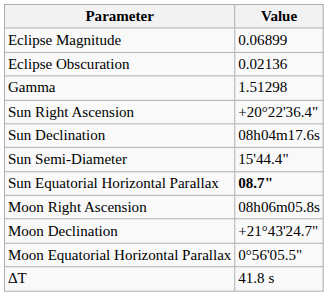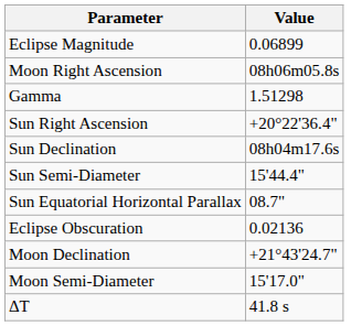 <table class="wikitable">
 <tr>
 <th>Parameter</th>
 <th>Value</th>
 </tr>
 <tr>
 <td>Eclipse Magnitude</td>
 <td>0.06899</td>
 </tr>
 <tr>
-<td>Eclipse Obscuration</td>
-<td>0.02136</td>
+<td>Moon Right Ascension</td>
+<td>08h06m05.8s</td>
 </tr>
 <tr>
 <td>Gamma</td>
 <td>1.51298</td>
 </tr>
 <tr>
 <td>Sun Right Ascension</td>
 <td>+20°22'36.4"</td>
 </tr>
 <tr>
 <td>Sun Declination</td>
 <td>08h04m17.6s</td>
 </tr>
 <tr>
 <td>Sun Semi-Diameter</td>
 <td>15'44.4"</td>
 </tr>
 <tr>
 <td>Sun Equatorial Horizontal Parallax</td>
-<td><strong>08.7"</strong></td>
+<td>08.7"</td>
 </tr>
 <tr>
-<td>Moon Right Ascension</td>
-<td>08h06m05.8s</td>
+<td>Eclipse Obscuration</td>
+<td>0.02136</td>
 </tr>
 <tr>
 <td>Moon Declination</td>
 <td>+21°43'24.7"</td>
 </tr>
 <tr>
-<td>Moon Equatorial Horizontal Parallax</td>
-<td>0°56'05.5"</td>
+<td>Moon Semi-Diameter</td>
+<td>15'17.0"</td>
 </tr>
 <tr>
 <td>ΔT</td>
 <td>41.8 s</td>
 </tr>
 </table>
